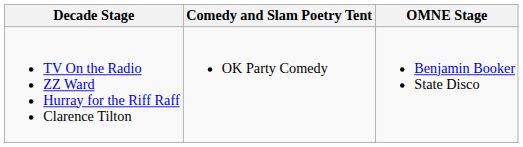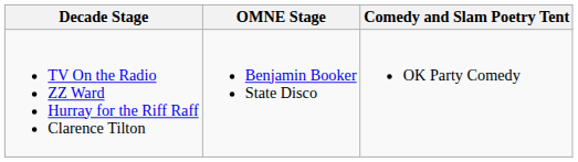 <table class="wikitable">
 <tr>
 <th>Decade Stage</th>
+<th>OMNE Stage</th>
 <th>Comedy and Slam Poetry Tent</th>
-<th>OMNE Stage</th>
 </tr>
 <tr valign="top">
 <td><br><ul><li><a href='#'>TV On the Radio</a></li><li><a href='#'>ZZ Ward</a></li><li><a href='#'>Hurray for the Riff Raff</a></li><li>Clarence Tilton</li></ul></td>
+<td><br><ul><li><a href='#'>Benjamin Booker</a></li><li>State Disco</li></ul></td>
 <td><br><ul><li>OK Party Comedy</li></ul></td>
-<td><br><ul><li><a href='#'>Benjamin Booker</a></li><li>State Disco</li></ul></td>
 </tr>
 </table>
